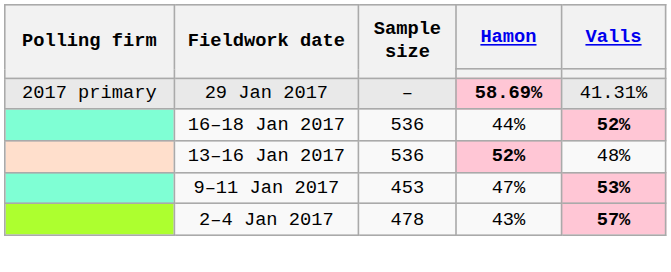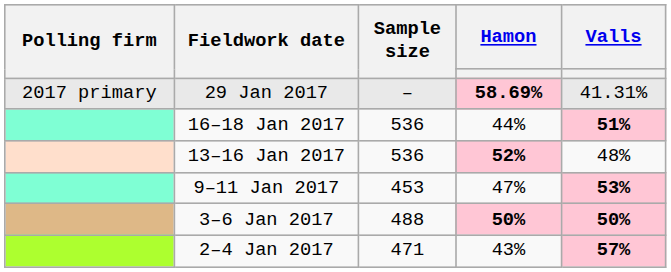 <table class="wikitable sortable" style="text-align:center;font-size:90%;line-height:14px;">
 <tr style="height:40px;">
 <th style="width:100px;" rowspan="2">Polling firm</th>
 <th style="width:110px;" rowspan="2">Fieldwork date</th>
 <th style="width:55px;" rowspan="2">Sample<br>size</th>
 <th class="unsortable" style="width:60px;"><a href='#'>Hamon</a><br></th>
 <th class="unsortable" style="width:60px;"><a href='#'>Valls</a><br></th>
 </tr>
 <tr>
 <th style="background:"></th>
 <th style="background:"></th>
 </tr>
 <tr style="background:#E9E9E9;">
 <td>2017 primary</td>
 <td data-sort-value="2017-01-29">29 Jan 2017</td>
 <td>–</td>
 <td style="background:#FFC6D5;"><strong>58.69%</strong></td>
 <td>41.31%</td>
 </tr>
 <tr>
 <td style="background:aquamarine;"></td>
 <td data-sort-value="2017-01-18">16–18 Jan 2017</td>
 <td>536</td>
 <td>44%</td>
-<td style="background:#FFC6D5;"><strong>52%</strong></td>
+<td style="background:#FFC6D5;"><strong>51%</strong></td>
 </tr>
 <tr>
 <td style="background:#FFDFCC;"></td>
 <td data-sort-value="2017-01-16">13–16 Jan 2017</td>
 <td>536</td>
 <td style="background:#FFC6D5;"><strong>52%</strong></td>
 <td>48%</td>
 </tr>
 <tr>
 <td style="background:aquamarine;"></td>
 <td data-sort-value="2017-01-11">9–11 Jan 2017</td>
 <td>453</td>
 <td>47%</td>
 <td style="background:#FFC6D5;"><strong>53%</strong></td>
 </tr>
 <tr>
+<td style="background:burlywood;"></td>
+<td data-sort-value="2017-01-06">3–6 Jan 2017</td>
+<td>488</td>
+<td style="background:#FFC6D5;"><strong>50%</strong></td>
+<td style="background:#FFC6D5;"><strong>50%</strong></td>
+</tr>
+<tr>
 <td style="background:GreenYellow;"> </td>
 <td data-sort-value="2017-01-04">2–4 Jan 2017</td>
-<td>478</td>
+<td>471</td>
 <td>43%</td>
 <td style="background:#FFC6D5;"><strong>57%</strong></td>
 </tr>
 </table>
